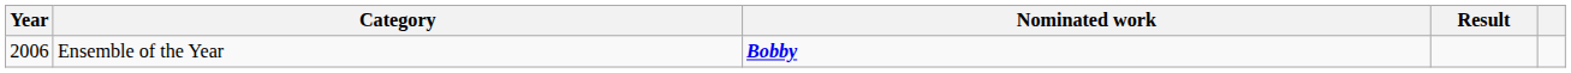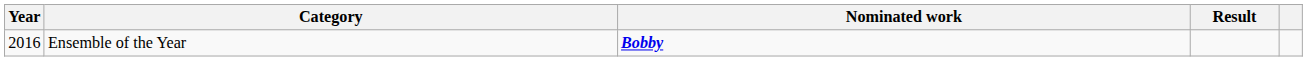 <table class="wikitable">
 <tr>
 <th scope="col" style="width:1em;">Year</th>
 <th scope="col" style="width:35em;">Category</th>
 <th scope="col" style="width:35em;">Nominated work</th>
 <th scope="col" style="width:5em;">Result</th>
 <th scope="col" style="width:1em;"></th>
 </tr>
 <tr>
-<td>2006</td>
+<td>2016</td>
 <td>Ensemble of the Year</td>
 <td><strong><em><a href='#'>Bobby</a></em></strong></td>
 <td></td>
 <td style="text-align:center;"></td>
 </tr>
 </table>
